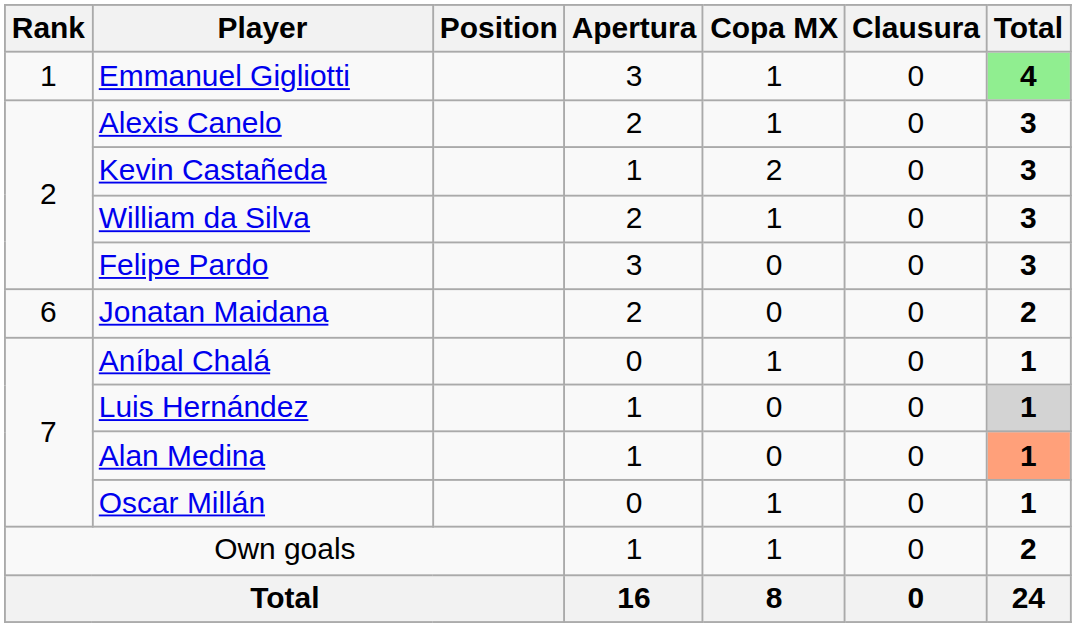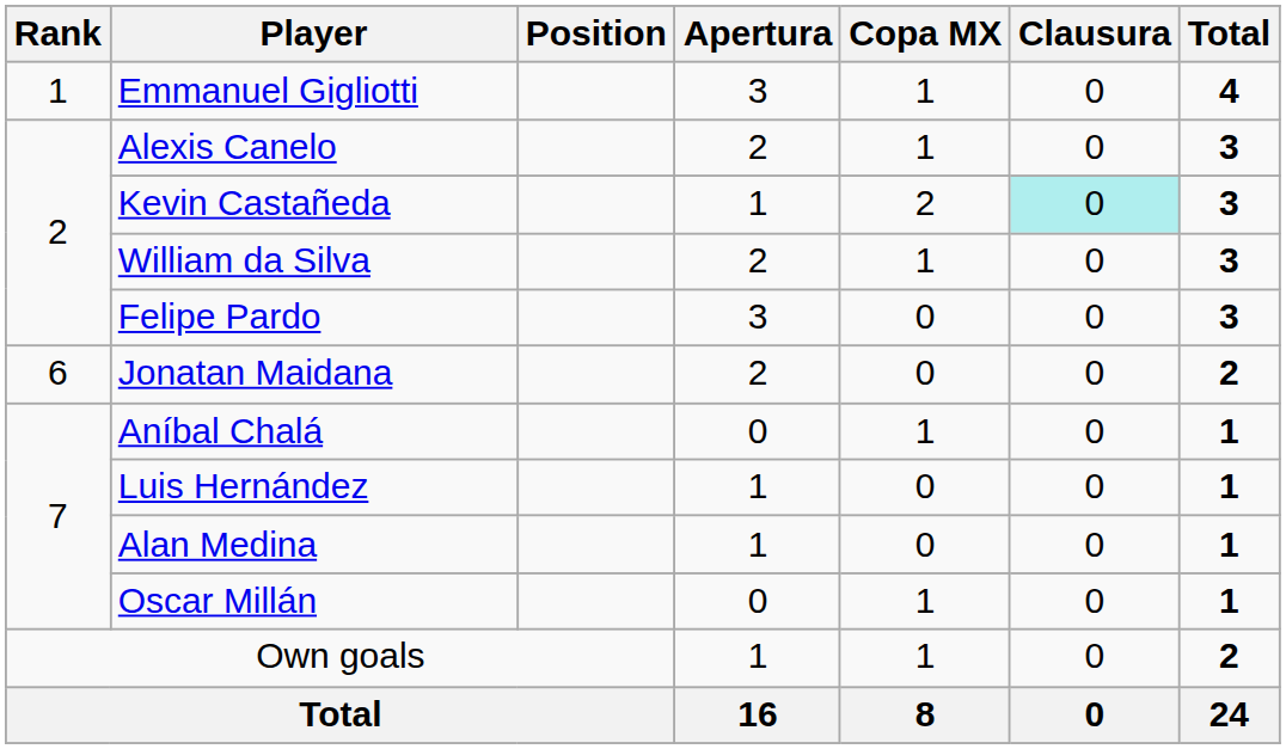 <table class="wikitable">
 <tr>
 <th>Rank</th>
 <th style="width:175px;">Player</th>
 <th>Position</th>
 <th>Apertura</th>
 <th>Copa MX</th>
 <th>Clausura</th>
 <th>Total</th>
 </tr>
 <tr>
 <td align=center>1</td>
 <td> <a href='#'>Emmanuel Gigliotti</a></td>
 <td align=center></td>
 <td align=center>3</td>
 <td align=center>1</td>
 <td align=center>0</td>
-<td align=center style="background: lightgreen;"><strong>4</strong></td>
+<td align=center><strong>4</strong></td>
 </tr>
 <tr>
 <td align=center rowspan=4>2</td>
 <td> <a href='#'>Alexis Canelo</a></td>
 <td align=center></td>
 <td align=center>2</td>
 <td align=center>1</td>
 <td align=center>0</td>
 <td align=center><strong>3</strong></td>
 </tr>
 <tr>
 <td> <a href='#'>Kevin Castañeda</a></td>
 <td align=center></td>
 <td align=center>1</td>
 <td align=center>2</td>
-<td align=center>0</td>
+<td align=center style="background: paleturquoise;">0</td>
 <td align=center><strong>3</strong></td>
 </tr>
 <tr>
 <td> <a href='#'>William da Silva</a></td>
 <td align=center></td>
 <td align=center>2</td>
 <td align=center>1</td>
 <td align=center>0</td>
 <td align=center><strong>3</strong></td>
 </tr>
 <tr>
 <td> <a href='#'>Felipe Pardo</a></td>
 <td align=center></td>
 <td align=center>3</td>
 <td align=center>0</td>
 <td align=center>0</td>
 <td align=center><strong>3</strong></td>
 </tr>
 <tr>
 <td align=center>6</td>
 <td> <a href='#'>Jonatan Maidana</a></td>
 <td align=center></td>
 <td align=center>2</td>
 <td align=center>0</td>
 <td align=center>0</td>
 <td align=center><strong>2</strong></td>
 </tr>
 <tr>
 <td align=center rowspan=4>7</td>
 <td> <a href='#'>Aníbal Chalá</a></td>
 <td align=center></td>
 <td align=center>0</td>
 <td align=center>1</td>
 <td align=center>0</td>
 <td align=center><strong>1</strong></td>
 </tr>
 <tr>
 <td> <a href='#'>Luis Hernández</a></td>
 <td align=center></td>
 <td align=center>1</td>
 <td align=center>0</td>
 <td align=center>0</td>
-<td align=center style="background: lightgrey;"><strong>1</strong></td>
+<td align=center><strong>1</strong></td>
 </tr>
 <tr>
 <td> <a href='#'>Alan Medina</a></td>
 <td align=center></td>
 <td align=center>1</td>
 <td align=center>0</td>
 <td align=center>0</td>
-<td align=center style="background: lightsalmon;"><strong>1</strong></td>
+<td align=center><strong>1</strong></td>
 </tr>
 <tr>
 <td> <a href='#'>Oscar Millán</a></td>
 <td align=center></td>
 <td align=center>0</td>
 <td align=center>1</td>
 <td align=center>0</td>
 <td align=center><strong>1</strong></td>
 </tr>
 <tr>
 <td colspan=3 align=center>Own goals</td>
 <td align=center>1</td>
 <td align=center>1</td>
 <td align=center>0</td>
 <td align=center><strong>2</strong></td>
 </tr>
 <tr>
 <th align=center colspan=3>Total</th>
 <th align=center>16</th>
 <th align=center>8</th>
 <th align=center>0</th>
 <th align=center>24</th>
 </tr>
 </table>
